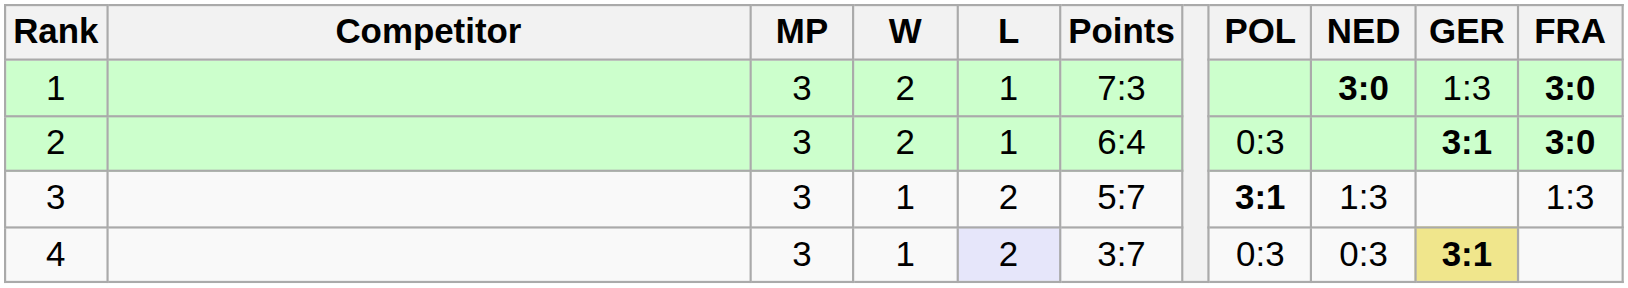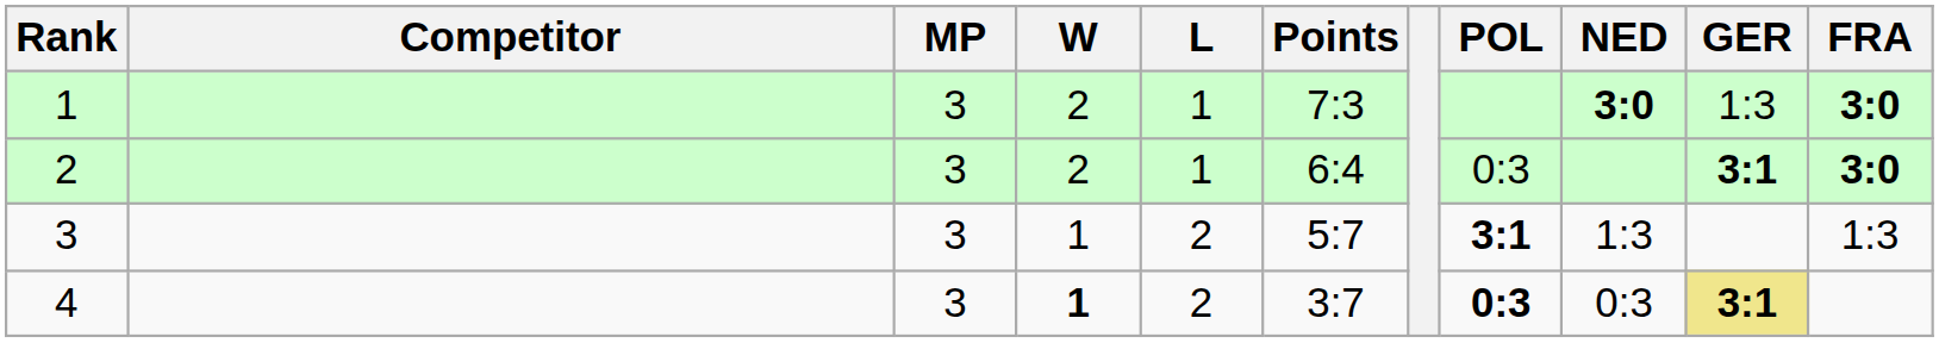 <table class="wikitable" style="text-align:center">
 <tr>
 <th>Rank</th>
 <th style="width:18em">Competitor</th>
 <th style="width:2.5em">MP</th>
 <th style="width:2.5em">W</th>
 <th style="width:2.5em">L</th>
 <th>Points</th>
 <th rowspan="5"> </th>
 <th style="width:2.5em">POL</th>
 <th style="width:2.5em">NED</th>
 <th style="width:2.5em">GER</th>
 <th style="width:2.5em">FRA</th>
 </tr>
 <tr style="background:#cfc;">
 <td>1</td>
 <td style="text-align:left"></td>
 <td>3</td>
 <td>2</td>
 <td>1</td>
 <td>7:3</td>
 <td></td>
 <td><strong>3:0</strong></td>
 <td>1:3</td>
 <td><strong>3:0</strong></td>
 </tr>
 <tr style="background:#cfc;">
 <td>2</td>
 <td style="text-align:left"></td>
 <td>3</td>
 <td>2</td>
 <td>1</td>
 <td>6:4</td>
 <td>0:3</td>
 <td></td>
 <td><strong>3:1</strong></td>
 <td><strong>3:0</strong></td>
 </tr>
 <tr>
 <td>3</td>
 <td style="text-align:left"></td>
 <td>3</td>
 <td>1</td>
 <td>2</td>
 <td>5:7</td>
 <td><strong>3:1</strong></td>
 <td>1:3</td>
 <td></td>
 <td>1:3</td>
 </tr>
 <tr>
 <td>4</td>
 <td style="text-align:left"></td>
 <td>3</td>
-<td>1</td>
-<td style="background: lavender;">2</td>
+<td><strong>1</strong></td>
+<td>2</td>
 <td>3:7</td>
-<td>0:3</td>
+<td><strong>0:3</strong></td>
 <td>0:3</td>
 <td style="background: khaki;"><strong>3:1</strong></td>
 <td></td>
 </tr>
 </table>
